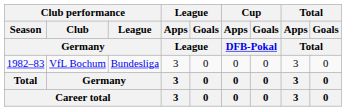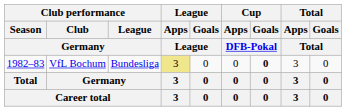 <table class="wikitable" style="text-align:center">
 <tr>
 <th colspan=3>Club performance</th>
 <th colspan=2>League</th>
 <th colspan=2>Cup</th>
 <th colspan=2>Total</th>
 </tr>
 <tr>
 <th>Season</th>
 <th>Club</th>
 <th>League</th>
 <th>Apps</th>
 <th>Goals</th>
 <th>Apps</th>
 <th>Goals</th>
 <th>Apps</th>
 <th>Goals</th>
 </tr>
 <tr>
 <th colspan=3>Germany</th>
 <th colspan=2>League</th>
 <th colspan=2><a href='#'>DFB-Pokal</a></th>
 <th colspan=2>Total</th>
 </tr>
 <tr>
 <td><a href='#'>1982–83</a></td>
 <td><a href='#'>VfL Bochum</a></td>
 <td><a href='#'>Bundesliga</a></td>
-<td>3</td>
+<td style="background: khaki;">3</td>
 <td>0</td>
 <td>0</td>
-<td>0</td>
+<td><strong>0</strong></td>
 <td>3</td>
 <td>0</td>
 </tr>
 <tr>
 <th rowspan=1>Total</th>
 <th colspan=2>Germany</th>
 <th>3</th>
 <th>0</th>
 <th>0</th>
 <th>0</th>
 <th>3</th>
 <th>0</th>
 </tr>
 <tr>
 <th colspan=3>Career total</th>
 <th>3</th>
 <th>0</th>
 <th>0</th>
 <th>0</th>
 <th>3</th>
 <th>0</th>
 </tr>
 </table>
